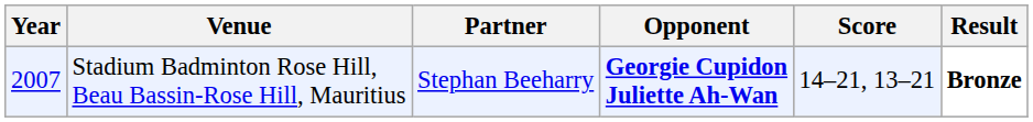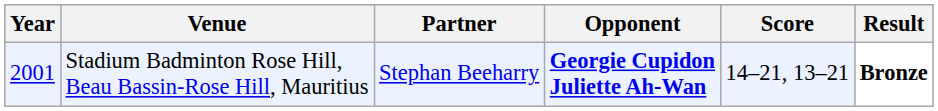 <table class="sortable wikitable" style="font-size: 90%;">
 <tr>
 <th>Year</th>
 <th>Venue</th>
 <th>Partner</th>
 <th>Opponent</th>
 <th>Score</th>
 <th>Result</th>
 </tr>
 <tr style="background:#ECF2FF">
-<td align="center"><a href='#'>2007</a></td>
+<td align="center"><a href='#'>2001</a></td>
 <td align="left">Stadium Badminton Rose Hill,<br><a href='#'>Beau Bassin-Rose Hill</a>, Mauritius</td>
 <td align="left"> <a href='#'>Stephan Beeharry</a></td>
 <td align="left"><strong> <a href='#'>Georgie Cupidon</a><br> <a href='#'>Juliette Ah-Wan</a></strong></td>
 <td align="left">14–21, 13–21</td>
 <td style="text-align:left; background:white"> <strong>Bronze</strong></td>
 </tr>
 </table>
